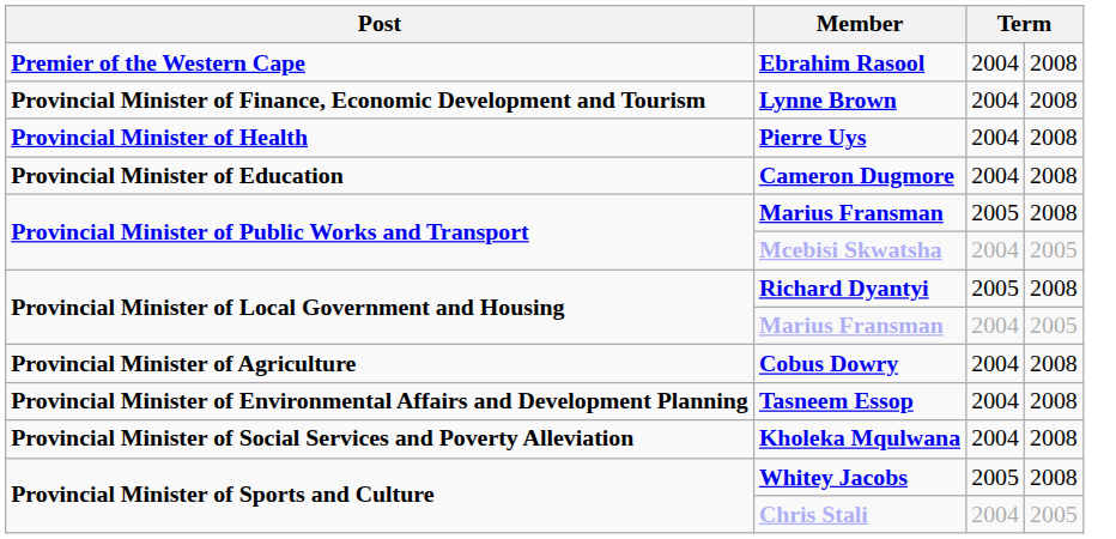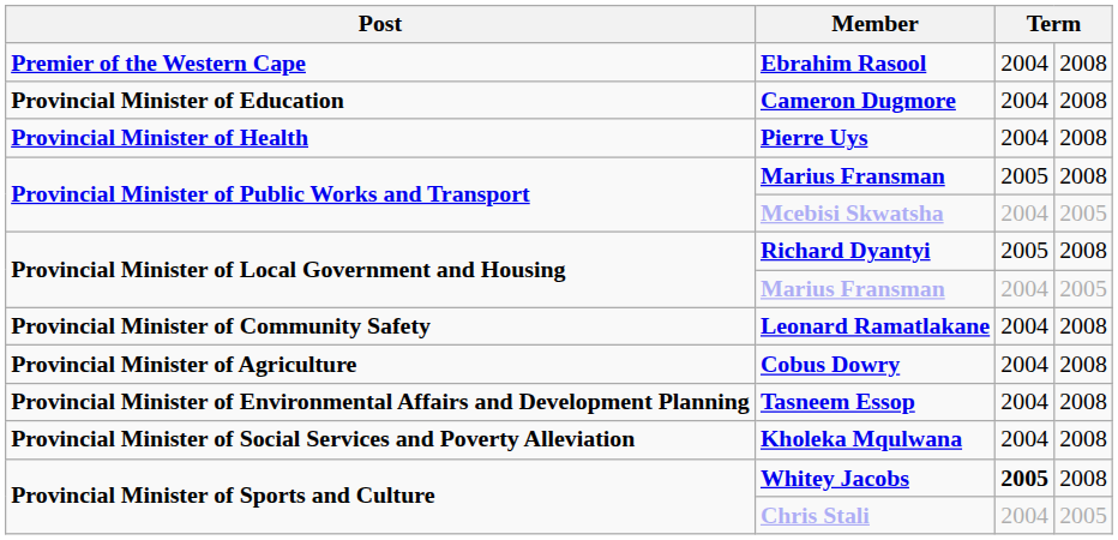 <table class="wikitable">
 <tr>
 <th>Post</th>
 <th>Member</th>
 <th colspan="2">Term</th>
 </tr>
 <tr>
 <td><strong><a href='#'>Premier of the Western Cape</a></strong></td>
 <td><strong><a href='#'>Ebrahim Rasool</a></strong></td>
 <td>2004</td>
 <td>2008</td>
 </tr>
 <tr>
-<td><strong>Provincial Minister of Finance, Economic Development and Tourism</strong></td>
-<td><strong><a href='#'>Lynne Brown</a></strong></td>
+<td><strong>Provincial Minister of Education</strong></td>
+<td><strong><a href='#'>Cameron Dugmore</a></strong></td>
 <td>2004</td>
 <td>2008</td>
 </tr>
 <tr>
 <td><a href='#'><strong>Provincial Minister of Health</strong></a></td>
 <td><strong><a href='#'>Pierre Uys</a></strong></td>
-<td>2004</td>
-<td>2008</td>
-</tr>
-<tr>
-<td><strong>Provincial Minister of Education</strong></td>
-<td><strong><a href='#'>Cameron Dugmore</a></strong></td>
 <td>2004</td>
 <td>2008</td>
 </tr>
 <tr>
 <td rowspan="2"><a href='#'><strong>Provincial Minister of Public Works and Transport</strong></a></td>
 <td><strong><a href='#'>Marius Fransman</a></strong></td>
 <td>2005</td>
 <td>2008</td>
 </tr>
 <tr style="opacity:.3;">
 <td><strong><a href='#'>Mcebisi Skwatsha</a></strong></td>
 <td>2004</td>
 <td>2005</td>
 </tr>
 <tr>
 <td rowspan="2"><strong>Provincial Minister of Local Government and Housing</strong></td>
 <td><strong><a href='#'>Richard Dyantyi</a></strong></td>
 <td>2005</td>
 <td>2008</td>
 </tr>
 <tr style="opacity:.3;">
 <td><strong><a href='#'>Marius Fransman</a></strong></td>
 <td>2004</td>
 <td>2005</td>
 </tr>
 <tr>
+<td><strong>Provincial Minister of Community Safety</strong></td>
+<td><strong><a href='#'>Leonard Ramatlakane</a></strong></td>
+<td>2004</td>
+<td>2008</td>
+</tr>
+<tr>
 <td><strong>Provincial Minister of Agriculture</strong></td>
 <td><strong><a href='#'>Cobus Dowry</a></strong></td>
 <td>2004</td>
 <td>2008</td>
 </tr>
 <tr>
 <td><strong>Provincial Minister of Environmental Affairs and Development Planning</strong></td>
 <td><strong><a href='#'>Tasneem Essop</a></strong></td>
 <td>2004</td>
 <td>2008</td>
 </tr>
 <tr>
 <td><strong>Provincial Minister of Social Services and Poverty Alleviation</strong></td>
 <td><strong><a href='#'>Kholeka Mqulwana</a></strong></td>
 <td>2004</td>
 <td>2008</td>
 </tr>
 <tr>
 <td rowspan="2"><strong>Provincial Minister of Sports and Culture</strong></td>
 <td><strong><a href='#'>Whitey Jacobs</a></strong></td>
-<td>2005</td>
+<td><strong>2005</strong></td>
 <td>2008</td>
 </tr>
 <tr style="opacity:.3;">
 <td><strong><a href='#'>Chris Stali</a></strong></td>
 <td>2004</td>
 <td>2005</td>
 </tr>
 </table>
